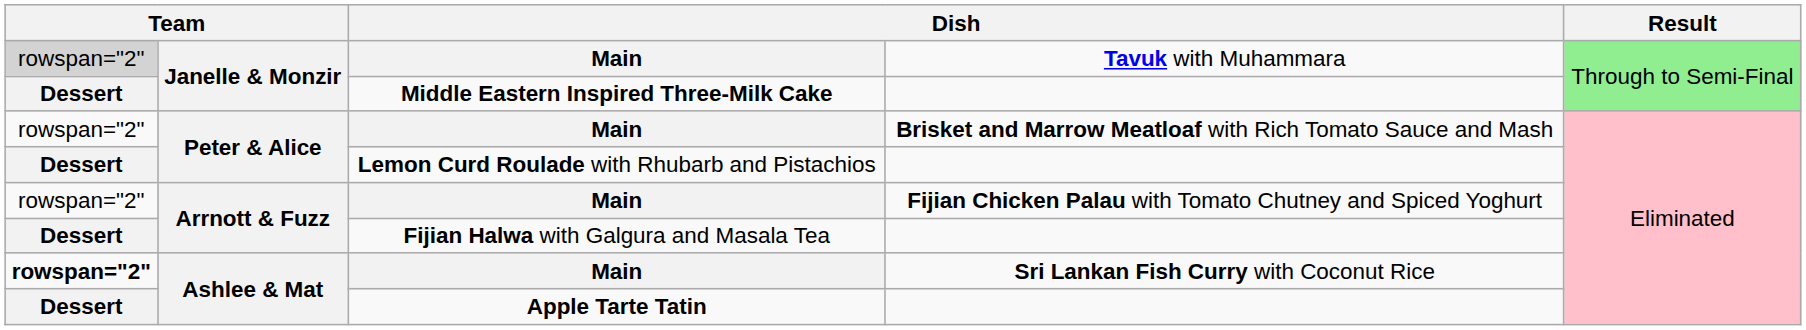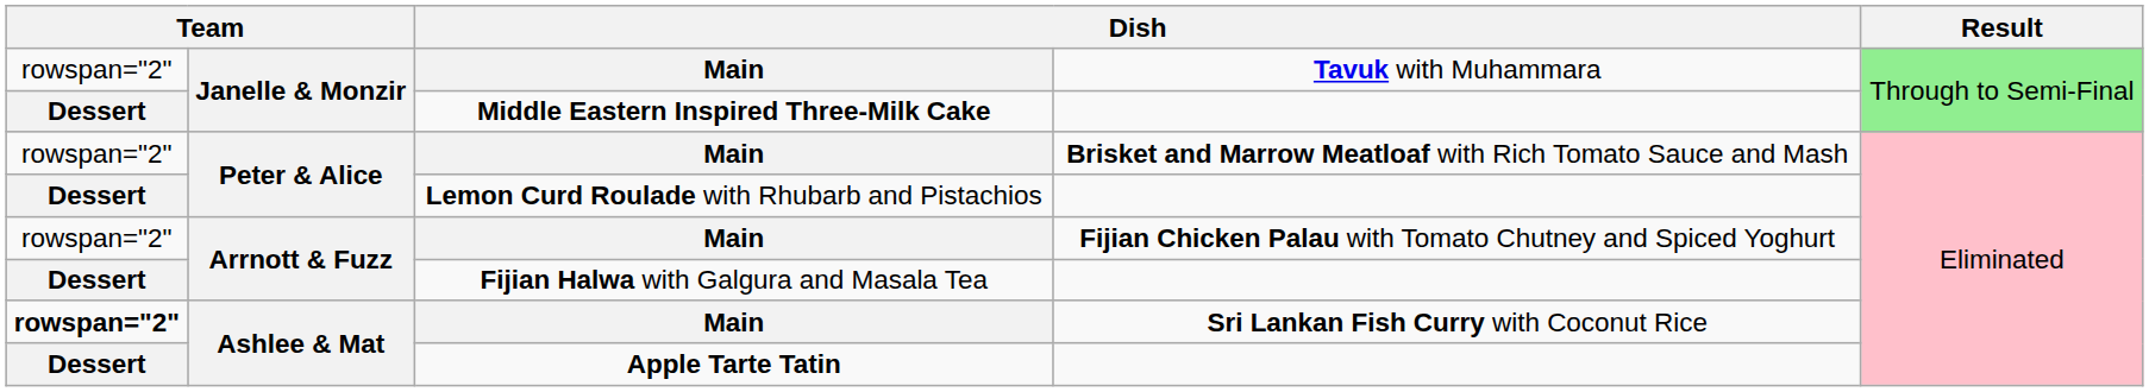 <table class="wikitable plainrowheaders" style="margin:1em auto; text-align:center; font-size:90%; width:80em;">
 <tr>
 <th colspan="2">Team</th>
 <th colspan="2">Dish</th>
 <th>Result</th>
 </tr>
 <tr>
-<td style="background: lightgrey;">rowspan="2" </td>
+<td>rowspan="2" </td>
 <th rowspan="2">Janelle & Monzir</th>
 <th>Main</th>
 <td><strong><a href='#'>Tavuk</a></strong> with Muhammara</td>
 <td rowspan="2" style="background:lightgreen">Through to Semi-Final</td>
 </tr>
 <tr>
 <th>Dessert</th>
 <td><strong>Middle Eastern Inspired Three-Milk Cake</strong></td>
 </tr>
 <tr>
 <td>rowspan="2" </td>
 <th rowspan="2">Peter & Alice</th>
 <th>Main</th>
 <td><strong>Brisket and Marrow Meatloaf</strong> with Rich Tomato Sauce and Mash</td>
 <td rowspan="8" style="background:pink">Eliminated</td>
 </tr>
 <tr>
 <th>Dessert</th>
 <td><strong>Lemon Curd Roulade</strong> with Rhubarb and Pistachios</td>
 </tr>
 <tr>
 <td>rowspan="2" </td>
 <th rowspan="2">Arrnott & Fuzz</th>
 <th>Main</th>
 <td><strong>Fijian Chicken Palau</strong> with Tomato Chutney and Spiced Yoghurt</td>
 </tr>
 <tr>
 <th>Dessert</th>
 <td><strong>Fijian Halwa</strong> with Galgura and Masala Tea</td>
 </tr>
 <tr>
 <td><strong>rowspan="2" </strong></td>
 <th rowspan="2">Ashlee & Mat</th>
 <th>Main</th>
 <td><strong>Sri Lankan Fish Curry</strong> with Coconut Rice</td>
 </tr>
 <tr>
 <th>Dessert</th>
 <td><strong>Apple Tarte Tatin</strong></td>
 </tr>
 </table>
